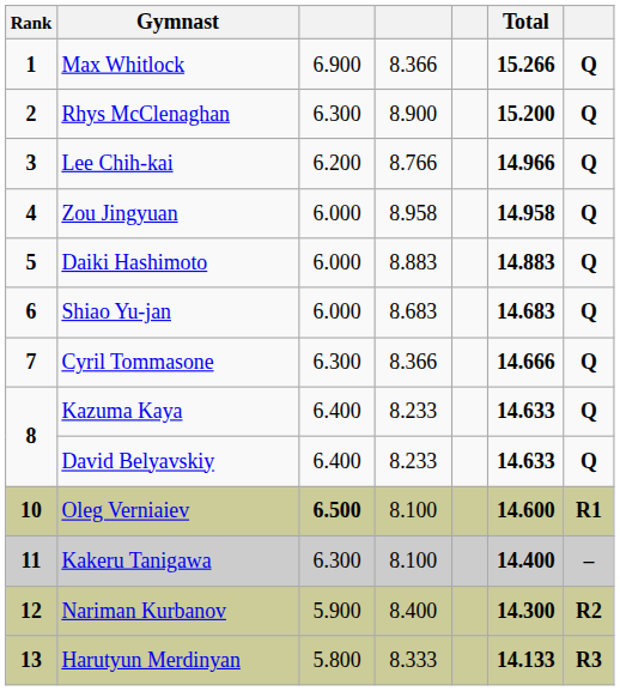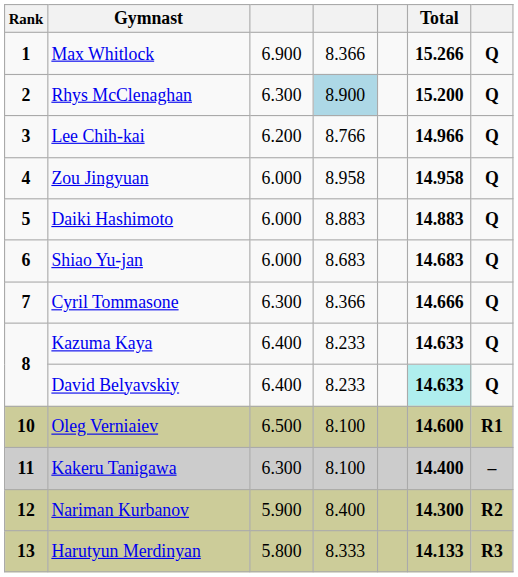 <table style="text-align:center;" class="wikitable sortable">
 <tr>
 <th scope="col" style="width:15px;"><small>Rank</small></th>
 <th scope="col" style="width:175px;">Gymnast</th>
 <th scope="col" style="width:50px;"><small></small></th>
 <th scope="col" style="width:50px;"><small></small></th>
 <th scope="col" style="width:20px;"><small></small></th>
 <th scope="col" style="width:50px;">Total</th>
 <th scope="col" style="width:30px;"><small></small></th>
 </tr>
 <tr>
 <td scope="row" style="text-align:center"><strong>1</strong></td>
 <td style="height:30px; text-align:left;"> <a href='#'>Max Whitlock</a></td>
 <td>6.900</td>
 <td>8.366</td>
 <td></td>
 <td><strong>15.266</strong></td>
 <td><strong>Q</strong></td>
 </tr>
 <tr>
 <td scope="row" style="text-align:center"><strong>2</strong></td>
 <td style="height:30px; text-align:left;"> <a href='#'>Rhys McClenaghan</a></td>
 <td>6.300</td>
-<td>8.900</td>
+<td style="background: lightblue;">8.900</td>
 <td></td>
 <td><strong>15.200</strong></td>
 <td><strong>Q</strong></td>
 </tr>
 <tr>
 <td scope="row" style="text-align:center"><strong>3</strong></td>
 <td style="height:30px; text-align:left;"> <a href='#'>Lee Chih-kai</a></td>
 <td>6.200</td>
 <td>8.766</td>
 <td></td>
 <td><strong>14.966</strong></td>
 <td><strong>Q</strong></td>
 </tr>
 <tr>
 <td scope="row" style="text-align:center"><strong>4</strong></td>
 <td style="height:30px; text-align:left;"> <a href='#'>Zou Jingyuan</a></td>
 <td>6.000</td>
 <td>8.958</td>
 <td></td>
 <td><strong>14.958</strong></td>
 <td><strong>Q</strong></td>
 </tr>
 <tr>
 <td scope="row" style="text-align:center"><strong>5</strong></td>
 <td style="height:30px; text-align:left;"> <a href='#'>Daiki Hashimoto</a></td>
 <td>6.000</td>
 <td>8.883</td>
 <td></td>
 <td><strong>14.883</strong></td>
 <td><strong>Q</strong></td>
 </tr>
 <tr>
 <td scope="row" style="text-align:center"><strong>6</strong></td>
 <td style="height:30px; text-align:left;"> <a href='#'>Shiao Yu-jan</a></td>
 <td>6.000</td>
 <td>8.683</td>
 <td></td>
 <td><strong>14.683</strong></td>
 <td><strong>Q</strong></td>
 </tr>
 <tr>
 <td scope="row" style="text-align:center"><strong>7</strong></td>
 <td style="height:30px; text-align:left;"> <a href='#'>Cyril Tommasone</a></td>
 <td>6.300</td>
 <td>8.366</td>
 <td></td>
 <td><strong>14.666</strong></td>
 <td><strong>Q</strong></td>
 </tr>
 <tr>
 <td rowspan=2 scope="row" style="text-align:center"><strong>8</strong></td>
 <td style="height:30px; text-align:left;"> <a href='#'>Kazuma Kaya</a></td>
 <td>6.400</td>
 <td>8.233</td>
 <td></td>
 <td><strong>14.633</strong></td>
 <td><strong>Q</strong></td>
 </tr>
 <tr>
 <td style="height:30px; text-align:left;"> <a href='#'>David Belyavskiy</a></td>
 <td>6.400</td>
 <td>8.233</td>
 <td></td>
-<td><strong>14.633</strong></td>
+<td style="background: paleturquoise;"><strong>14.633</strong></td>
 <td><strong>Q</strong></td>
 </tr>
 <tr style="background:#cccc99;">
 <td scope="row" style="text-align:center"><strong>10</strong></td>
 <td style="height:30px; text-align:left;"> <a href='#'>Oleg Verniaiev</a></td>
-<td><strong>6.500</strong></td>
+<td>6.500</td>
 <td>8.100</td>
 <td></td>
 <td><strong>14.600</strong></td>
 <td><strong>R1</strong></td>
 </tr>
 <tr style="background:#cccccc;">
 <td scope="row" style="text-align:center"><strong>11</strong></td>
 <td style="height:30px; text-align:left;"> <a href='#'>Kakeru Tanigawa</a></td>
 <td>6.300</td>
 <td>8.100</td>
 <td></td>
 <td><strong>14.400</strong></td>
 <td><strong>–</strong></td>
 </tr>
 <tr style="background:#cccc99;">
 <td scope="row" style="text-align:center"><strong>12</strong></td>
 <td style="height:30px; text-align:left;"> <a href='#'>Nariman Kurbanov</a></td>
 <td>5.900</td>
 <td>8.400</td>
 <td></td>
 <td><strong>14.300</strong></td>
 <td><strong>R2</strong></td>
 </tr>
 <tr style="background:#cccc99;">
 <td scope="row" style="text-align:center"><strong>13</strong></td>
 <td style="height:30px; text-align:left;"> <a href='#'>Harutyun Merdinyan</a></td>
 <td>5.800</td>
 <td>8.333</td>
 <td></td>
 <td><strong>14.133</strong></td>
 <td><strong>R3</strong></td>
 </tr>
 </table>
